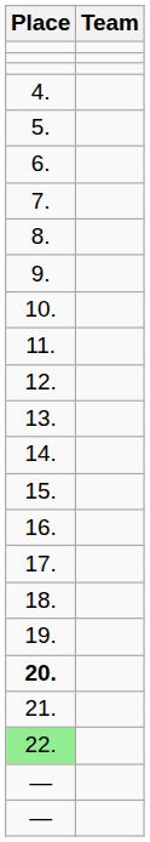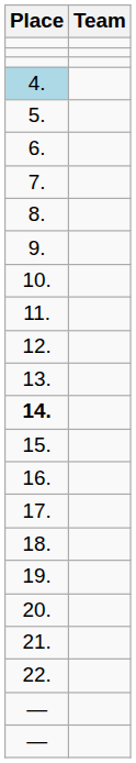 <table class="wikitable">
 <tr>
 <th>Place</th>
 <th>Team</th>
 </tr>
 <tr>
 <td align="center"></td>
 <td></td>
 </tr>
 <tr>
 <td align="center"></td>
 <td></td>
 </tr>
 <tr>
 <td align="center"></td>
 <td></td>
 </tr>
 <tr>
-<td align="center">4.</td>
+<td align="center" style="background: lightblue;">4.</td>
 <td></td>
 </tr>
 <tr>
 <td align="center">5.</td>
 <td></td>
 </tr>
 <tr>
 <td align="center">6.</td>
 <td></td>
 </tr>
 <tr>
 <td align="center">7.</td>
 <td></td>
 </tr>
 <tr>
 <td align="center">8.</td>
 <td></td>
 </tr>
 <tr>
 <td align="center">9.</td>
 <td></td>
 </tr>
 <tr>
 <td align="center">10.</td>
 <td></td>
 </tr>
 <tr>
 <td align="center">11.</td>
 <td></td>
 </tr>
 <tr>
 <td align="center">12.</td>
 <td></td>
 </tr>
 <tr>
 <td align="center">13.</td>
 <td></td>
 </tr>
 <tr>
-<td align="center">14.</td>
+<td align="center"><strong>14.</strong></td>
 <td></td>
 </tr>
 <tr>
 <td align="center">15.</td>
 <td></td>
 </tr>
 <tr>
 <td align="center">16.</td>
 <td></td>
 </tr>
 <tr>
 <td align="center">17.</td>
 <td></td>
 </tr>
 <tr>
 <td align="center">18.</td>
 <td></td>
 </tr>
 <tr>
 <td align="center">19.</td>
 <td></td>
 </tr>
 <tr>
-<td align="center"><strong>20.</strong></td>
+<td align="center">20.</td>
 <td></td>
 </tr>
 <tr>
 <td align="center">21.</td>
 <td></td>
 </tr>
 <tr>
-<td align="center" style="background: lightgreen;">22.</td>
+<td align="center">22.</td>
 <td></td>
 </tr>
 <tr>
 <td align="center">—</td>
 <td><s></s></td>
 </tr>
 <tr>
 <td align="center">—</td>
 <td><s></s></td>
 </tr>
 </table>
